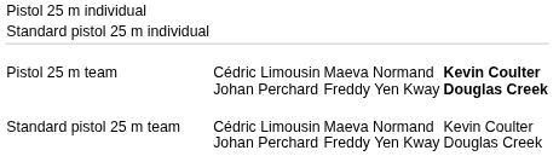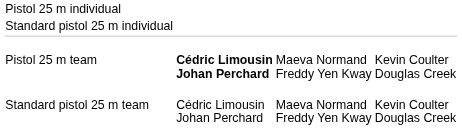 <table>
 <tr>
 <td>Pistol 25 m individual</td>
 <td></td>
 <td></td>
 <td></td>
 </tr>
 <tr>
 <td>Standard pistol 25 m individual</td>
 <td></td>
 <td></td>
 <td></td>
 </tr>
 <tr bgcolor=#ddd>
 <td colspan=8></td>
 </tr>
 <tr>
 <td>Pistol 25 m team</td>
-<td><br>Cédric Limousin<br>Johan Perchard</td>
+<td><strong><br>Cédric Limousin<br>Johan Perchard</strong></td>
 <td><br>Maeva Normand<br>Freddy Yen Kway</td>
-<td><strong><br>Kevin Coulter<br>Douglas Creek</strong></td>
+<td><br>Kevin Coulter<br>Douglas Creek</td>
 </tr>
 <tr>
 <td>Standard pistol 25 m team</td>
 <td><br>Cédric Limousin<br>Johan Perchard</td>
 <td><br>Maeva Normand<br>Freddy Yen Kway</td>
 <td><br>Kevin Coulter<br>Douglas Creek</td>
 </tr>
 </table>
